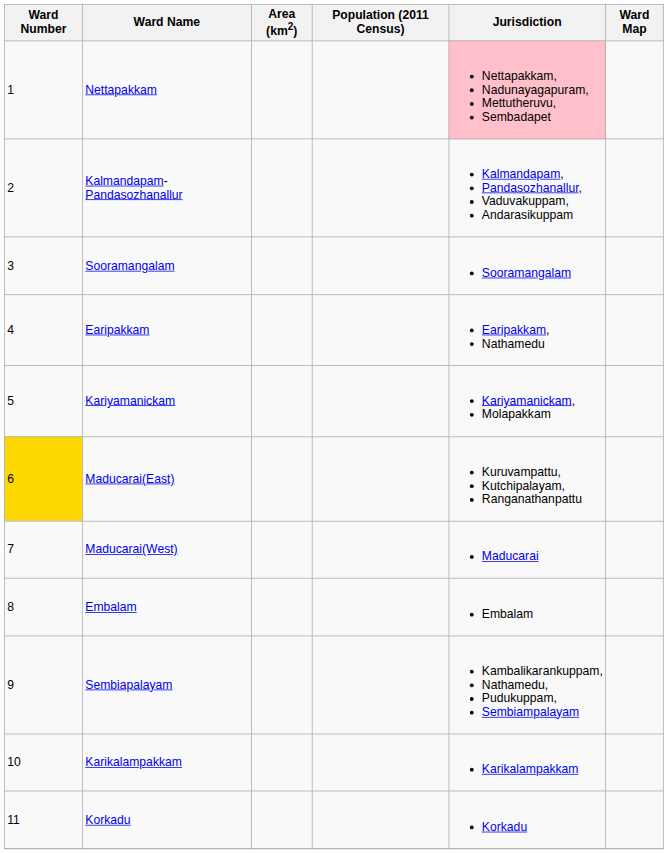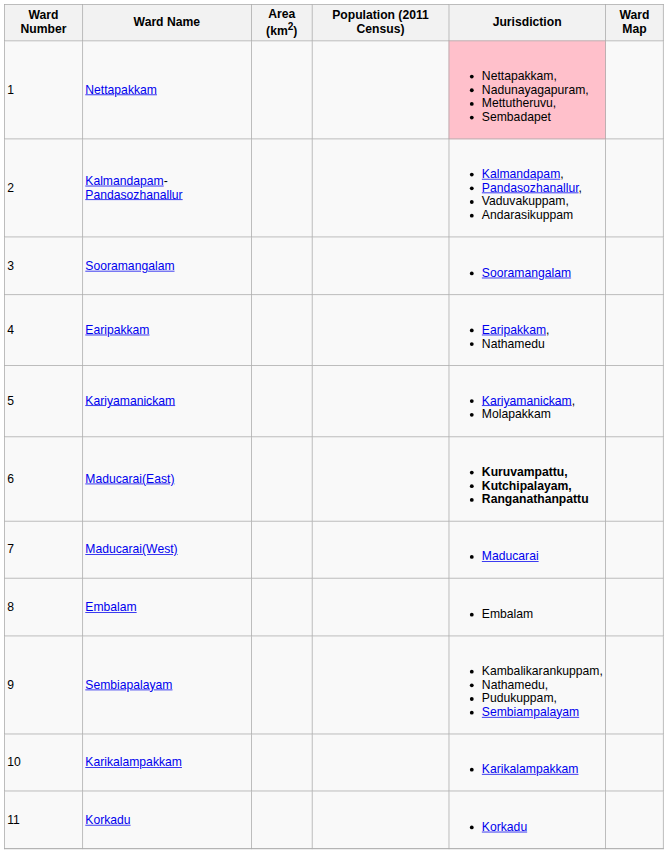 <table class="wikitable sortable">
 <tr>
 <th>Ward Number</th>
 <th>Ward Name</th>
 <th>Area (km<sup>2</sup>)</th>
 <th>Population (2011 Census)</th>
 <th>Jurisdiction</th>
 <th>Ward Map</th>
 </tr>
 <tr>
 <td>1</td>
 <td><a href='#'>Nettapakkam</a></td>
 <td></td>
 <td></td>
 <td align="left" style="background: pink;"><br><ul><li>Nettapakkam,</li><li>Nadunayagapuram,</li><li>Mettutheruvu,</li><li>Sembadapet</li></ul></td>
 <td></td>
 </tr>
 <tr>
 <td>2</td>
 <td><a href='#'>Kalmandapam</a>-<a href='#'>Pandasozhanallur</a></td>
 <td></td>
 <td></td>
 <td align="left"><br><ul><li><a href='#'>Kalmandapam</a>,</li><li><a href='#'>Pandasozhanallur</a>,</li><li>Vaduvakuppam,</li><li>Andarasikuppam</li></ul></td>
 <td></td>
 </tr>
 <tr>
 <td>3</td>
 <td><a href='#'>Sooramangalam</a></td>
 <td></td>
 <td></td>
 <td align="left"><br><ul><li><a href='#'>Sooramangalam</a></li></ul></td>
 <td></td>
 </tr>
 <tr>
 <td>4</td>
 <td><a href='#'>Earipakkam</a></td>
 <td></td>
 <td></td>
 <td align="left"><br><ul><li><a href='#'>Earipakkam</a>,</li><li>Nathamedu</li></ul></td>
 <td></td>
 </tr>
 <tr>
 <td>5</td>
 <td><a href='#'>Kariyamanickam</a></td>
 <td></td>
 <td></td>
 <td align="left"><br><ul><li><a href='#'>Kariyamanickam</a>,</li><li>Molapakkam</li></ul></td>
 <td></td>
 </tr>
 <tr>
-<td style="background: gold;">6</td>
+<td>6</td>
 <td><a href='#'>Maducarai(East)</a></td>
 <td></td>
 <td></td>
-<td align="left"><br><ul><li>Kuruvampattu,</li><li>Kutchipalayam,</li><li>Ranganathanpattu</li></ul></td>
+<td align="left"><strong><br><ul><li>Kuruvampattu,</li><li>Kutchipalayam,</li><li>Ranganathanpattu</li></ul></strong></td>
 <td></td>
 </tr>
 <tr>
 <td>7</td>
 <td><a href='#'>Maducarai(West)</a></td>
 <td></td>
 <td></td>
 <td align="left"><br><ul><li><a href='#'>Maducarai</a></li></ul></td>
 <td></td>
 </tr>
 <tr>
 <td>8</td>
 <td><a href='#'>Embalam</a></td>
 <td></td>
 <td></td>
 <td align="left"><br><ul><li>Embalam</li></ul></td>
 <td></td>
 </tr>
 <tr>
 <td>9</td>
 <td><a href='#'>Sembiapalayam</a></td>
 <td></td>
 <td></td>
 <td align="left"><br><ul><li>Kambalikarankuppam,</li><li>Nathamedu,</li><li>Pudukuppam,</li><li><a href='#'>Sembiampalayam</a></li></ul></td>
 <td></td>
 </tr>
 <tr>
 <td>10</td>
 <td><a href='#'>Karikalampakkam</a></td>
 <td></td>
 <td></td>
 <td align="left"><br><ul><li><a href='#'>Karikalampakkam</a></li></ul></td>
 <td></td>
 </tr>
 <tr>
 <td>11</td>
 <td><a href='#'>Korkadu</a></td>
 <td></td>
 <td></td>
 <td align="left"><br><ul><li><a href='#'>Korkadu</a></li></ul></td>
 <td></td>
 </tr>
 <tr>
 </tr>
 </table>
